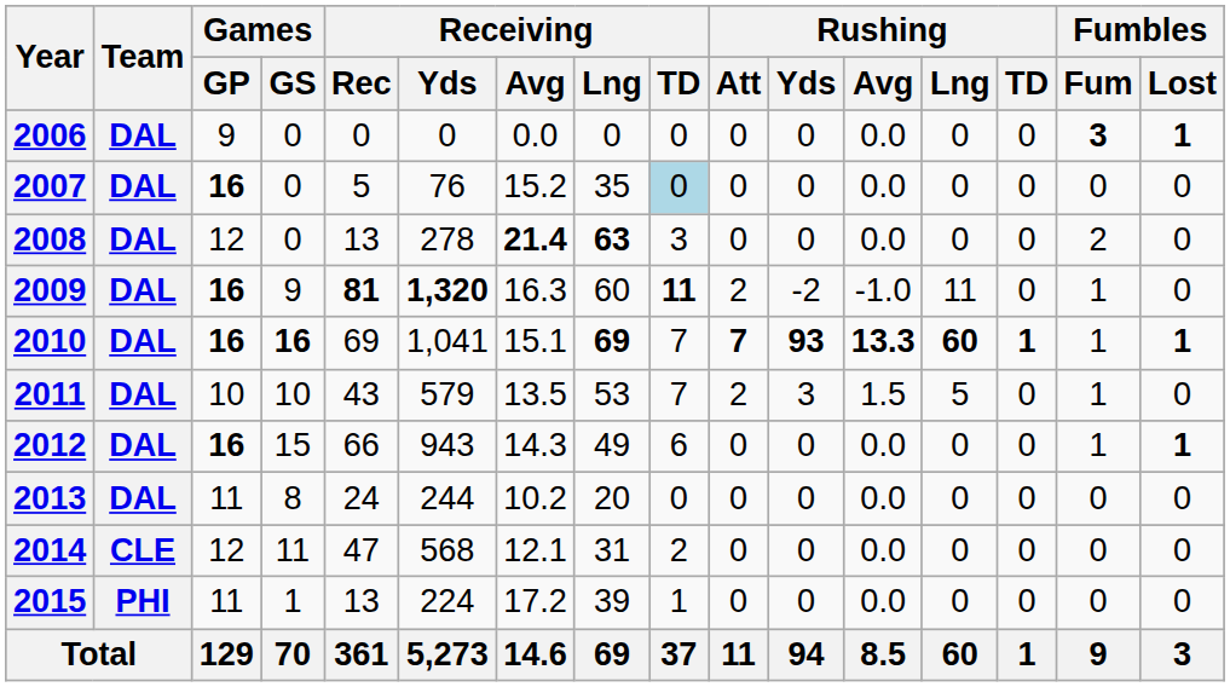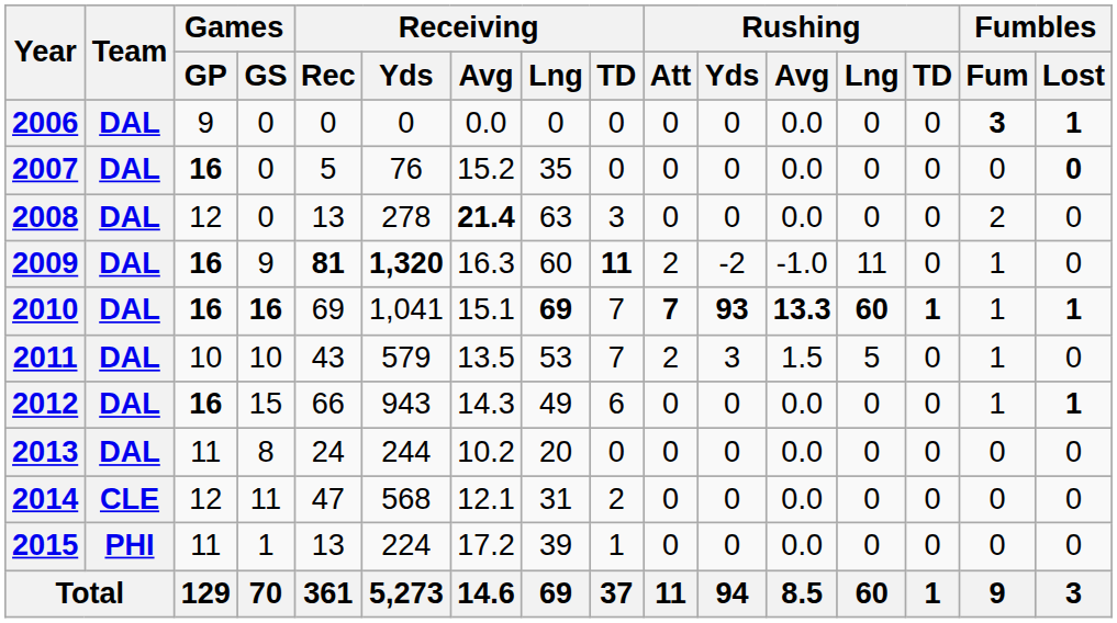 <table class="wikitable" style="text-align:center;">
 <tr>
 <th rowspan="2">Year</th>
 <th rowspan="2">Team</th>
 <th colspan="2">Games</th>
 <th colspan="5">Receiving</th>
 <th colspan="5">Rushing</th>
 <th colspan="2">Fumbles</th>
 </tr>
 <tr>
 <th>GP</th>
 <th>GS</th>
 <th>Rec</th>
 <th>Yds</th>
 <th>Avg</th>
 <th>Lng</th>
 <th>TD</th>
 <th>Att</th>
 <th>Yds</th>
 <th>Avg</th>
 <th>Lng</th>
 <th>TD</th>
 <th>Fum</th>
 <th>Lost</th>
 </tr>
 <tr>
 <th><a href='#'>2006</a></th>
 <th><a href='#'>DAL</a></th>
 <td>9</td>
 <td>0</td>
 <td>0</td>
 <td>0</td>
 <td>0.0</td>
 <td>0</td>
 <td>0</td>
 <td>0</td>
 <td>0</td>
 <td>0.0</td>
 <td>0</td>
 <td>0</td>
 <td><strong>3</strong></td>
 <td><strong>1</strong></td>
 </tr>
 <tr>
 <th><a href='#'>2007</a></th>
 <th><a href='#'>DAL</a></th>
 <td><strong>16</strong></td>
 <td>0</td>
 <td>5</td>
 <td>76</td>
 <td>15.2</td>
 <td>35</td>
-<td style="background: lightblue;">0</td>
+<td>0</td>
 <td>0</td>
 <td>0</td>
 <td>0.0</td>
 <td>0</td>
 <td>0</td>
 <td>0</td>
-<td>0</td>
+<td><strong>0</strong></td>
 </tr>
 <tr>
 <th><a href='#'>2008</a></th>
 <th><a href='#'>DAL</a></th>
 <td>12</td>
 <td>0</td>
 <td>13</td>
 <td>278</td>
 <td><strong>21.4</strong></td>
-<td><strong>63</strong></td>
+<td>63</td>
 <td>3</td>
 <td>0</td>
 <td>0</td>
 <td>0.0</td>
 <td>0</td>
 <td>0</td>
 <td>2</td>
 <td>0</td>
 </tr>
 <tr>
 <th><a href='#'>2009</a></th>
 <th><a href='#'>DAL</a></th>
 <td><strong>16</strong></td>
 <td>9</td>
 <td><strong>81</strong></td>
 <td><strong>1,320</strong></td>
 <td>16.3</td>
 <td>60</td>
 <td><strong>11</strong></td>
 <td>2</td>
 <td>-2</td>
 <td>-1.0</td>
 <td>11</td>
 <td>0</td>
 <td>1</td>
 <td>0</td>
 </tr>
 <tr>
 <th><a href='#'>2010</a></th>
 <th><a href='#'>DAL</a></th>
 <td><strong>16</strong></td>
 <td><strong>16</strong></td>
 <td>69</td>
 <td>1,041</td>
 <td>15.1</td>
 <td><strong>69</strong></td>
 <td>7</td>
 <td><strong>7</strong></td>
 <td><strong>93</strong></td>
 <td><strong>13.3</strong></td>
 <td><strong>60</strong></td>
 <td><strong>1</strong></td>
 <td>1</td>
 <td><strong>1</strong></td>
 </tr>
 <tr>
 <th><a href='#'>2011</a></th>
 <th><a href='#'>DAL</a></th>
 <td>10</td>
 <td>10</td>
 <td>43</td>
 <td>579</td>
 <td>13.5</td>
 <td>53</td>
 <td>7</td>
 <td>2</td>
 <td>3</td>
 <td>1.5</td>
 <td>5</td>
 <td>0</td>
 <td>1</td>
 <td>0</td>
 </tr>
 <tr>
 <th><a href='#'>2012</a></th>
 <th><a href='#'>DAL</a></th>
 <td><strong>16</strong></td>
 <td>15</td>
 <td>66</td>
 <td>943</td>
 <td>14.3</td>
 <td>49</td>
 <td>6</td>
 <td>0</td>
 <td>0</td>
 <td>0.0</td>
 <td>0</td>
 <td>0</td>
 <td>1</td>
 <td><strong>1</strong></td>
 </tr>
 <tr>
 <th><a href='#'>2013</a></th>
 <th><a href='#'>DAL</a></th>
 <td>11</td>
 <td>8</td>
 <td>24</td>
 <td>244</td>
 <td>10.2</td>
 <td>20</td>
 <td>0</td>
 <td>0</td>
 <td>0</td>
 <td>0.0</td>
 <td>0</td>
 <td>0</td>
 <td>0</td>
 <td>0</td>
 </tr>
 <tr>
 <th><a href='#'>2014</a></th>
 <th><a href='#'>CLE</a></th>
 <td>12</td>
 <td>11</td>
 <td>47</td>
 <td>568</td>
 <td>12.1</td>
 <td>31</td>
 <td>2</td>
 <td>0</td>
 <td>0</td>
 <td>0.0</td>
 <td>0</td>
 <td>0</td>
 <td>0</td>
 <td>0</td>
 </tr>
 <tr>
 <th><a href='#'>2015</a></th>
 <th><a href='#'>PHI</a></th>
 <td>11</td>
 <td>1</td>
 <td>13</td>
 <td>224</td>
 <td>17.2</td>
 <td>39</td>
 <td>1</td>
 <td>0</td>
 <td>0</td>
 <td>0.0</td>
 <td>0</td>
 <td>0</td>
 <td>0</td>
 <td>0</td>
 </tr>
 <tr>
 <th colspan="2">Total</th>
 <th>129</th>
 <th>70</th>
 <th>361</th>
 <th>5,273</th>
 <th>14.6</th>
 <th>69</th>
 <th>37</th>
 <th>11</th>
 <th>94</th>
 <th>8.5</th>
 <th>60</th>
 <th>1</th>
 <th>9</th>
 <th>3</th>
 </tr>
 </table>
